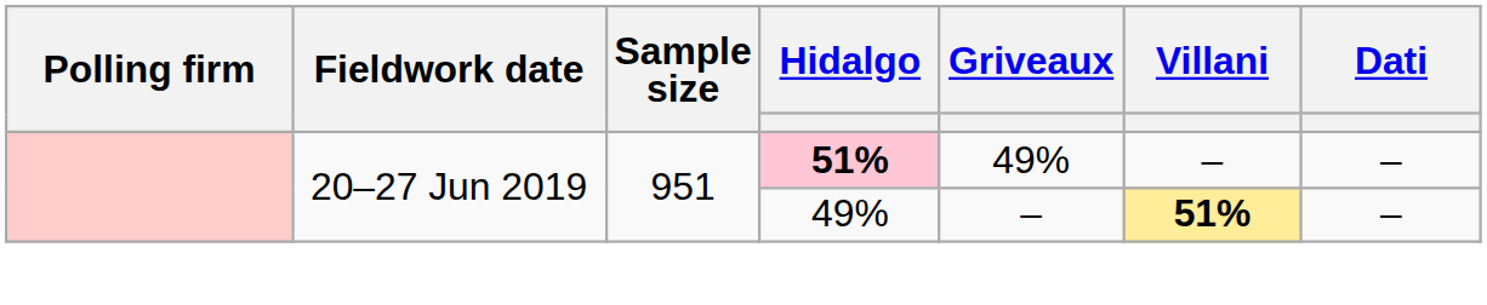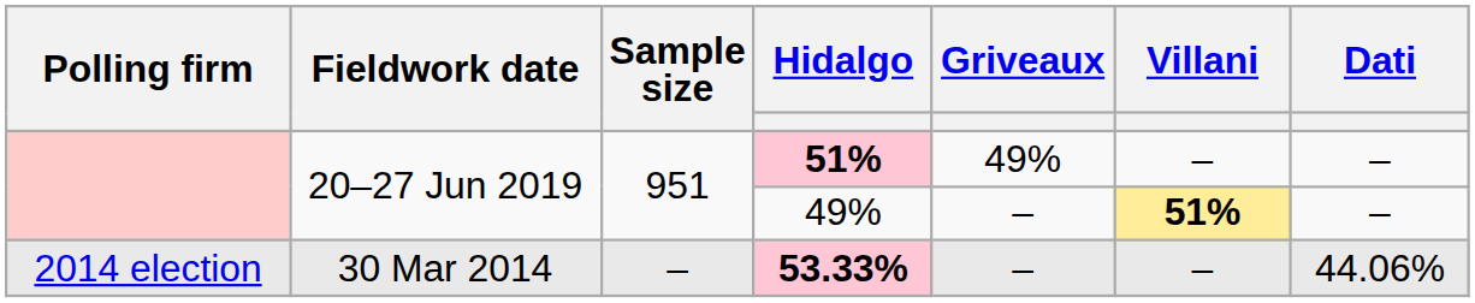 <table class="wikitable sortable" style="text-align:center;font-size:90%;line-height:14px;">
 <tr style="height:40px;">
 <th style="width:100px;" rowspan="2">Polling firm</th>
 <th style="width:110px;" rowspan="2">Fieldwork date</th>
 <th style="width:35px;" rowspan="2">Sample<br>size</th>
 <th class="unsortable" style="width:60px;"><a href='#'>Hidalgo</a><br></th>
 <th class="unsortable" style="width:60px;"><a href='#'>Griveaux</a><br></th>
 <th class="unsortable" style="width:60px;"><a href='#'>Villani</a><br></th>
 <th class="unsortable" style="width:60px;"><a href='#'>Dati</a><br></th>
 </tr>
 <tr>
 <th style="background:"></th>
 <th style="background:"></th>
 <th style="background:"></th>
 <th style="background:"></th>
 </tr>
 <tr>
 <td rowspan="2" style="background:#FFCCCC;"></td>
 <td rowspan="2" data-sort-value="2019-06-27">20–27 Jun 2019</td>
 <td rowspan="2">951</td>
 <td style="background:#FFC6D5;"><strong>51%</strong></td>
 <td>49%</td>
 <td>–</td>
 <td>–</td>
 </tr>
 <tr>
 <td>49%</td>
 <td>–</td>
 <td style="background:#FFED99;"><strong>51%</strong></td>
 <td>–</td>
 </tr>
+<tr style="background:#E9E9E9;">
+<td><a href='#'>2014 election</a></td>
+<td data-sort-value="2014-03-30">30 Mar 2014</td>
+<td>–</td>
+<td style="background:#FFC6D5;"><strong>53.33%</strong></td>
+<td>–</td>
+<td>–</td>
+<td>44.06%</td>
+</tr>
 </table>
